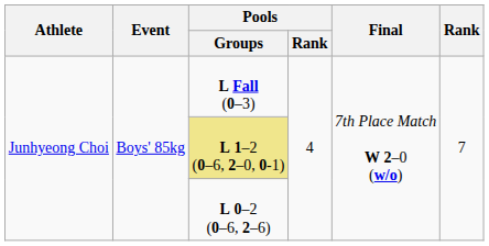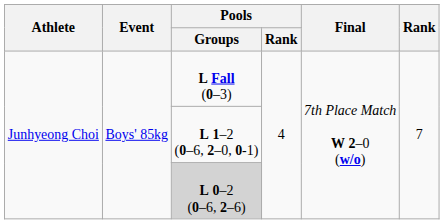 <table class="wikitable" style="text-align:left; font-size:90%">
 <tr>
 <th rowspan="2">Athlete</th>
 <th rowspan="2">Event</th>
 <th colspan="2">Pools</th>
 <th rowspan="2">Final</th>
 <th rowspan="2">Rank</th>
 </tr>
 <tr>
 <th>Groups</th>
 <th>Rank</th>
 </tr>
 <tr>
 <td rowspan="3"><a href='#'>Junhyeong Choi</a></td>
 <td rowspan="3"><a href='#'>Boys' 85kg</a></td>
 <td align=center><br><strong>L</strong> <strong><a href='#'>Fall</a></strong><br>(<strong>0</strong>–3)</td>
 <td rowspan="3" align=center>4</td>
 <td align=center rowspan=3><em>7th Place Match</em><br><br><strong>W</strong> <strong>2</strong>–0<br>(<strong><a href='#'>w/o</a></strong>)</td>
 <td rowspan="3" align="center">7</td>
 </tr>
 <tr>
-<td align=center style="background: khaki;"><br><strong>L</strong> <strong>1</strong>–2<br>(<strong>0</strong>–6, <strong>2</strong>–0, <strong>0</strong>-1)</td>
+<td align=center><br><strong>L</strong> <strong>1</strong>–2<br>(<strong>0</strong>–6, <strong>2</strong>–0, <strong>0</strong>-1)</td>
 </tr>
 <tr>
-<td align=center><br><strong>L</strong> <strong>0</strong>–2<br>(<strong>0</strong>–6, <strong>2</strong>–6)</td>
+<td align=center style="background: lightgrey;"><br><strong>L</strong> <strong>0</strong>–2<br>(<strong>0</strong>–6, <strong>2</strong>–6)</td>
 </tr>
 </table>
